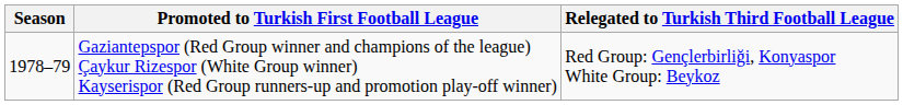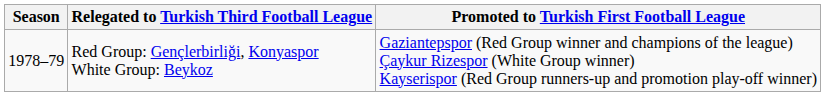 <table class="wikitable">
 <tr>
 <th>Season</th>
+<th>Relegated to <a href='#'>Turkish Third Football League</a></th>
 <th>Promoted to <a href='#'>Turkish First Football League</a></th>
-<th>Relegated to <a href='#'>Turkish Third Football League</a></th>
 </tr>
 <tr>
 <td>1978–79</td>
+<td>Red Group: <a href='#'>Gençlerbirliği</a>, <a href='#'>Konyaspor</a><br>White Group: <a href='#'>Beykoz</a></td>
 <td><a href='#'>Gaziantepspor</a> (Red Group winner and champions of the league)<br><a href='#'>Çaykur Rizespor</a> (White Group winner)<br><a href='#'>Kayserispor</a> (Red Group runners-up and promotion play-off winner)</td>
-<td>Red Group: <a href='#'>Gençlerbirliği</a>, <a href='#'>Konyaspor</a><br>White Group: <a href='#'>Beykoz</a></td>
 </tr>
 </table>
